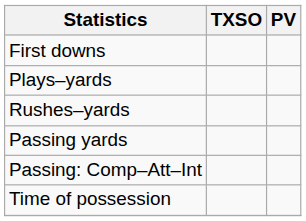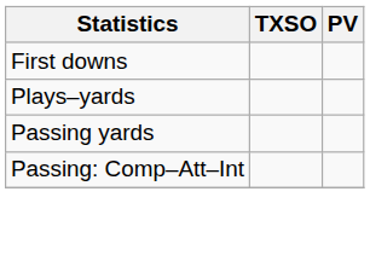 <table class="wikitable" style="float: left;">
 <tr>
 <th>Statistics</th>
 <th>TXSO</th>
 <th>PV</th>
 </tr>
 <tr>
 <td>First downs</td>
 <td></td>
 <td></td>
 </tr>
 <tr>
 <td>Plays–yards</td>
 <td></td>
 <td></td>
 </tr>
 <tr>
-<td>Rushes–yards</td>
-<td></td>
-<td></td>
-</tr>
-<tr>
 <td>Passing yards</td>
 <td></td>
 <td></td>
 </tr>
 <tr>
 <td>Passing: Comp–Att–Int</td>
 <td></td>
 <td></td>
 </tr>
 <tr>
-<td>Time of possession</td>
-<td></td>
-<td></td>
-</tr>
-<tr>
 </tr>
 </table>
